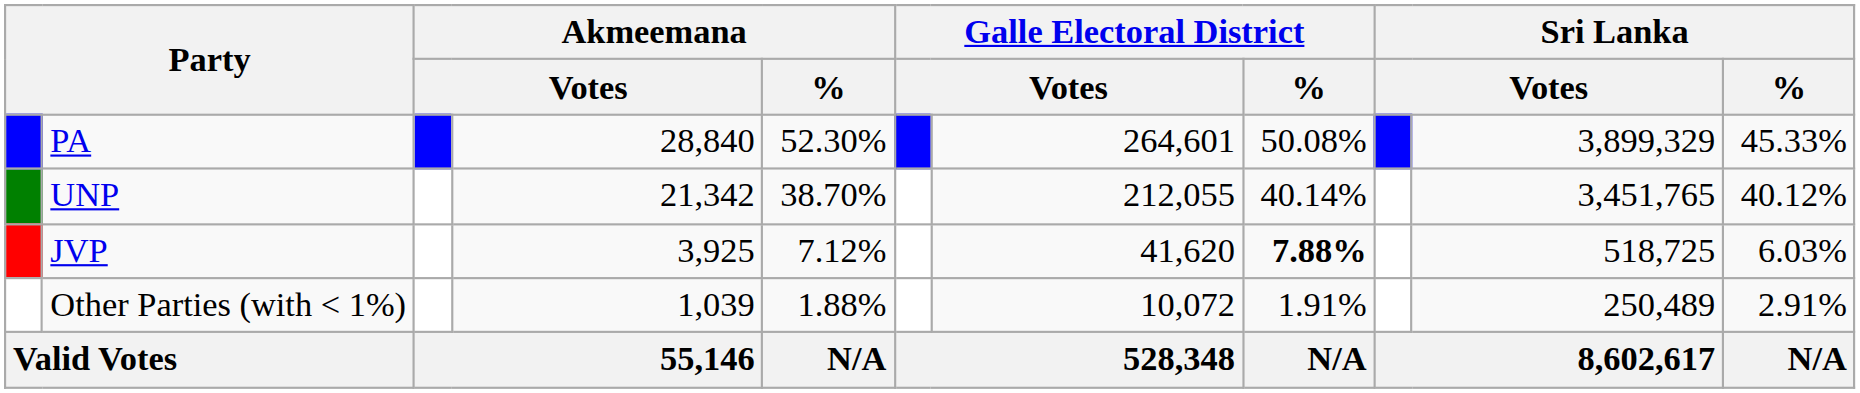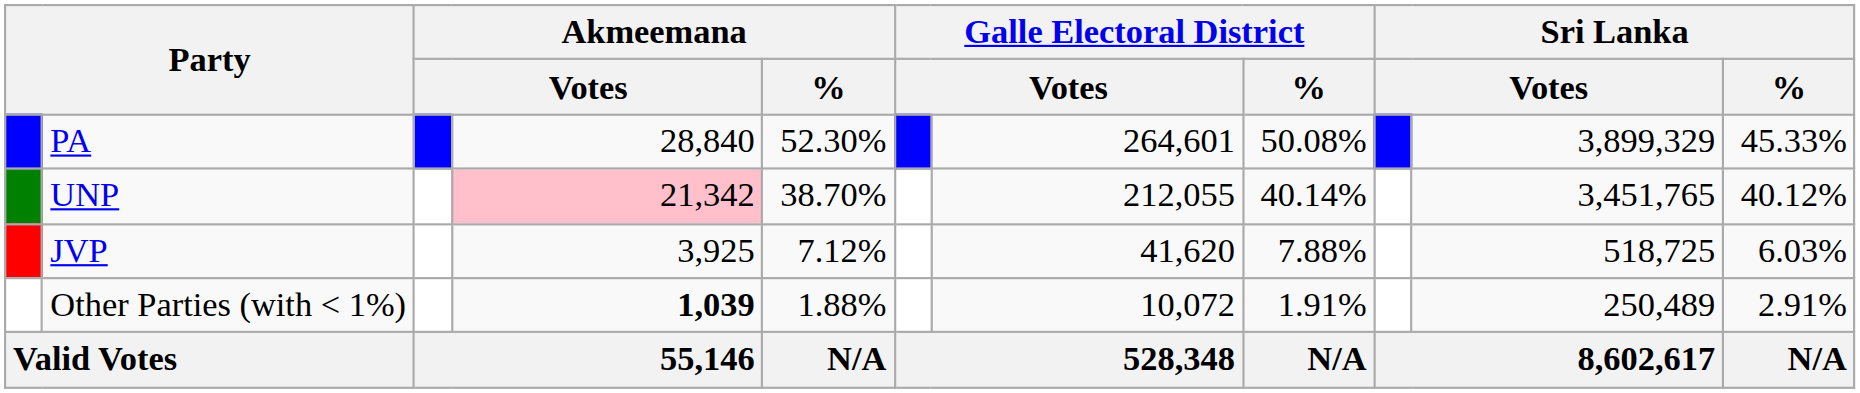 <table class="wikitable">
 <tr>
 <th colspan="2" width="144px"rowspan="2">Party</th>
 <th colspan="3" width="216px">Akmeemana</th>
 <th colspan="3" width="216px"><a href='#'>Galle Electoral District</a></th>
 <th colspan="3" width="216px">Sri Lanka</th>
 </tr>
 <tr>
 <th colspan="2" width="144px">Votes</th>
 <th>%</th>
 <th colspan="2" width="144px">Votes</th>
 <th>%</th>
 <th colspan="2" width="144px">Votes</th>
 <th>%</th>
 </tr>
 <tr>
 <td style="background-color:blue;" width="10px"></td>
 <td style="text-align:left;"><a href='#'>PA</a></td>
 <td style="background-color:blue;" width="10px"></td>
 <td style="text-align:right;">28,840</td>
 <td style="text-align:right;">52.30%</td>
 <td style="background-color:blue;" width="10px"></td>
 <td style="text-align:right;">264,601</td>
 <td style="text-align:right;">50.08%</td>
 <td style="background-color:blue;" width="10px"></td>
 <td style="text-align:right;">3,899,329</td>
 <td style="text-align:right;">45.33%</td>
 </tr>
 <tr>
 <td style="background-color:green;" width="10px"></td>
 <td style="text-align:left;"><a href='#'>UNP</a></td>
 <td style="background-color:white;" width="10px"></td>
-<td style="text-align:right;">21,342</td>
+<td style="background: pink; text-align:right;">21,342</td>
 <td style="text-align:right;">38.70%</td>
 <td style="background-color:white;" width="10px"></td>
 <td style="text-align:right;">212,055</td>
 <td style="text-align:right;">40.14%</td>
 <td style="background-color:white;" width="10px"></td>
 <td style="text-align:right;">3,451,765</td>
 <td style="text-align:right;">40.12%</td>
 </tr>
 <tr>
 <td style="background-color:red;" width="10px"></td>
 <td style="text-align:left;"><a href='#'>JVP</a></td>
 <td style="background-color:white;" width="10px"></td>
 <td style="text-align:right;">3,925</td>
 <td style="text-align:right;">7.12%</td>
 <td style="background-color:white;" width="10px"></td>
 <td style="text-align:right;">41,620</td>
-<td style="text-align:right;"><strong>7.88%</strong></td>
+<td style="text-align:right;">7.88%</td>
 <td style="background-color:white;" width="10px"></td>
 <td style="text-align:right;">518,725</td>
 <td style="text-align:right;">6.03%</td>
 </tr>
 <tr>
 <td style="background-color:white;" width="10px"></td>
 <td style="text-align:left;">Other Parties (with < 1%)</td>
 <td style="background-color:white;" width="10px"></td>
-<td style="text-align:right;">1,039</td>
+<td style="text-align:right;"><strong>1,039</strong></td>
 <td style="text-align:right;">1.88%</td>
 <td style="background-color:white;" width="10px"></td>
 <td style="text-align:right;">10,072</td>
 <td style="text-align:right;">1.91%</td>
 <td style="background-color:white;" width="10px"></td>
 <td style="text-align:right;">250,489</td>
 <td style="text-align:right;">2.91%</td>
 </tr>
 <tr>
 <th colspan="2" width="144px"style="text-align:left;">Valid Votes</th>
 <th style="text-align:right;"colspan="2" width="144px">55,146</th>
 <th style="text-align:right;">N/A</th>
 <th style="text-align:right;"colspan="2" width="144px">528,348</th>
 <th style="text-align:right;">N/A</th>
 <th style="text-align:right;"colspan="2" width="144px">8,602,617</th>
 <th style="text-align:right;">N/A</th>
 </tr>
 </table>
